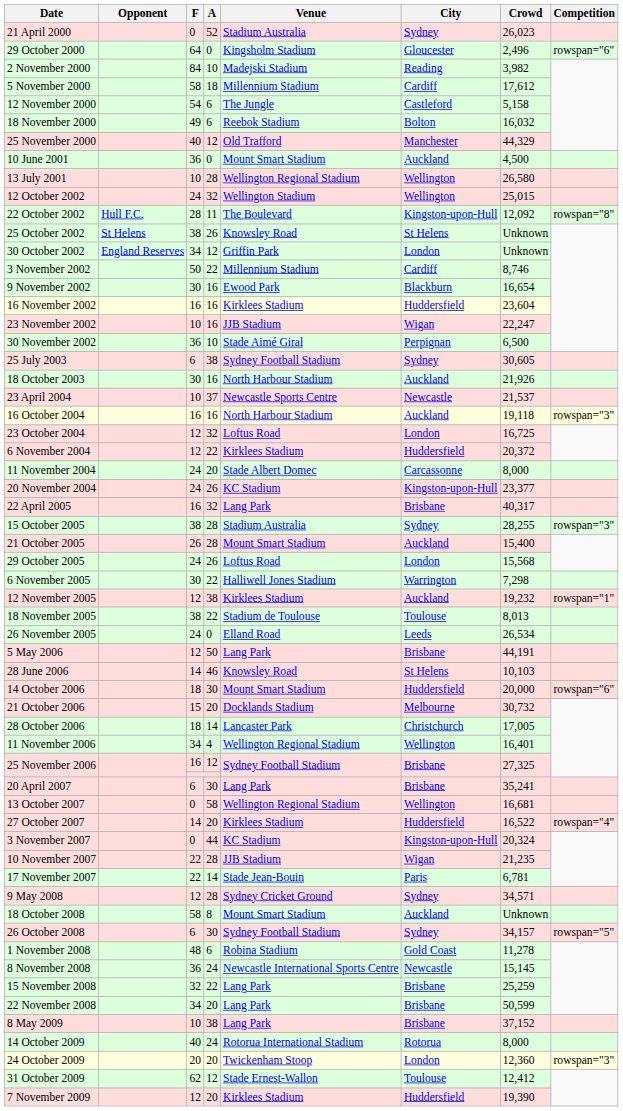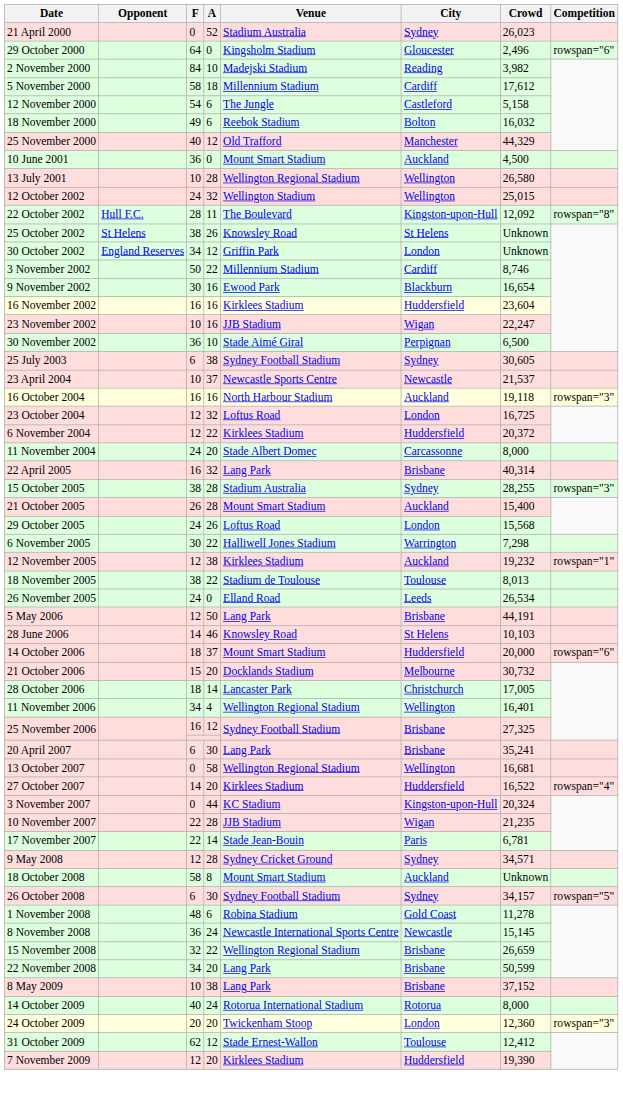 <table class="wikitable sortable">
 <tr>
 <th>Date</th>
 <th>Opponent</th>
 <th>F</th>
 <th>A</th>
 <th>Venue</th>
 <th>City</th>
 <th>Crowd</th>
 <th>Competition</th>
 </tr>
 <tr style="background:#ffdddd;">
 <td>21 April 2000</td>
 <td></td>
 <td>0</td>
 <td>52</td>
 <td><a href='#'>Stadium Australia</a></td>
 <td><a href='#'>Sydney</a></td>
 <td>26,023</td>
 <td></td>
 </tr>
 <tr style="background:#ddffdd;">
 <td>29 October 2000</td>
 <td></td>
 <td>64</td>
 <td>0</td>
 <td><a href='#'>Kingsholm Stadium</a></td>
 <td><a href='#'>Gloucester</a></td>
 <td>2,496</td>
 <td>rowspan="6" </td>
 </tr>
 <tr style="background:#ddffdd;">
 <td>2 November 2000</td>
 <td></td>
 <td>84</td>
 <td>10</td>
 <td><a href='#'>Madejski Stadium</a></td>
 <td><a href='#'>Reading</a></td>
 <td>3,982</td>
 </tr>
 <tr style="background:#ddffdd;">
 <td>5 November 2000</td>
 <td></td>
 <td>58</td>
 <td>18</td>
 <td><a href='#'>Millennium Stadium</a></td>
 <td><a href='#'>Cardiff</a></td>
 <td>17,612</td>
 </tr>
 <tr style="background:#ddffdd;">
 <td>12 November 2000</td>
 <td></td>
 <td>54</td>
 <td>6</td>
 <td><a href='#'>The Jungle</a></td>
 <td><a href='#'>Castleford</a></td>
 <td>5,158</td>
 </tr>
 <tr style="background:#ddffdd;">
 <td>18 November 2000</td>
 <td></td>
 <td>49</td>
 <td>6</td>
 <td><a href='#'>Reebok Stadium</a></td>
 <td><a href='#'>Bolton</a></td>
 <td>16,032</td>
 </tr>
 <tr style="background:#ffdddd;">
 <td>25 November 2000</td>
 <td></td>
 <td>40</td>
 <td>12</td>
 <td><a href='#'>Old Trafford</a></td>
 <td><a href='#'>Manchester</a></td>
 <td>44,329</td>
 </tr>
 <tr style="background:#ddffdd;">
 <td>10 June 2001</td>
 <td></td>
 <td>36</td>
 <td>0</td>
 <td><a href='#'>Mount Smart Stadium</a></td>
 <td><a href='#'>Auckland</a></td>
 <td>4,500</td>
 <td></td>
 </tr>
 <tr style="background:#ffdddd;">
 <td>13 July 2001</td>
 <td></td>
 <td>10</td>
 <td>28</td>
 <td><a href='#'>Wellington Regional Stadium</a></td>
 <td><a href='#'>Wellington</a></td>
 <td>26,580</td>
 <td></td>
 </tr>
 <tr style="background:#ffdddd;">
 <td>12 October 2002</td>
 <td></td>
 <td>24</td>
 <td>32</td>
 <td><a href='#'>Wellington Stadium</a></td>
 <td><a href='#'>Wellington</a></td>
 <td>25,015</td>
 <td></td>
 </tr>
 <tr style="background:#ddffdd;">
 <td>22 October 2002</td>
 <td> <a href='#'>Hull F.C.</a></td>
 <td>28</td>
 <td>11</td>
 <td><a href='#'>The Boulevard</a></td>
 <td><a href='#'>Kingston-upon-Hull</a></td>
 <td>12,092</td>
 <td>rowspan="8" </td>
 </tr>
 <tr style="background:#ddffdd;">
 <td>25 October 2002</td>
 <td> <a href='#'>St Helens</a></td>
 <td>38</td>
 <td>26</td>
 <td><a href='#'>Knowsley Road</a></td>
 <td><a href='#'>St Helens</a></td>
 <td>Unknown</td>
 </tr>
 <tr style="background:#ddffdd;">
 <td>30 October 2002</td>
 <td> <a href='#'>England Reserves</a></td>
 <td>34</td>
 <td>12</td>
 <td><a href='#'>Griffin Park</a></td>
 <td><a href='#'>London</a></td>
 <td>Unknown</td>
 </tr>
 <tr style="background:#ddffdd;">
 <td>3 November 2002</td>
 <td></td>
 <td>50</td>
 <td>22</td>
 <td><a href='#'>Millennium Stadium</a></td>
 <td><a href='#'>Cardiff</a></td>
 <td>8,746</td>
 </tr>
 <tr style="background:#ddffdd;">
 <td>9 November 2002</td>
 <td></td>
 <td>30</td>
 <td>16</td>
 <td><a href='#'>Ewood Park</a></td>
 <td><a href='#'>Blackburn</a></td>
 <td>16,654</td>
 </tr>
 <tr style="background:#ffffdd;">
 <td>16 November 2002</td>
 <td></td>
 <td>16</td>
 <td>16</td>
 <td><a href='#'>Kirklees Stadium</a></td>
 <td><a href='#'>Huddersfield</a></td>
 <td>23,604</td>
 </tr>
 <tr style="background:#ffdddd;">
 <td>23 November 2002</td>
 <td></td>
 <td>10</td>
 <td>16</td>
 <td><a href='#'>JJB Stadium</a></td>
 <td><a href='#'>Wigan</a></td>
 <td>22,247</td>
 </tr>
 <tr style="background:#ddffdd;">
 <td>30 November 2002</td>
 <td></td>
 <td>36</td>
 <td>10</td>
 <td><a href='#'>Stade Aimé Giral</a></td>
 <td><a href='#'>Perpignan</a></td>
 <td>6,500</td>
 </tr>
 <tr style="background:#ffdddd;">
 <td>25 July 2003</td>
 <td></td>
 <td>6</td>
 <td>38</td>
 <td><a href='#'>Sydney Football Stadium</a></td>
 <td><a href='#'>Sydney</a></td>
 <td>30,605</td>
 <td></td>
 </tr>
-<tr style="background:#ddffdd;">
-<td>18 October 2003</td>
-<td></td>
-<td>30</td>
-<td>16</td>
-<td><a href='#'>North Harbour Stadium</a></td>
-<td><a href='#'>Auckland</a></td>
-<td>21,926</td>
-<td></td>
-</tr>
 <tr style="background:#ffdddd;">
 <td>23 April 2004</td>
 <td></td>
 <td>10</td>
 <td>37</td>
 <td><a href='#'>Newcastle Sports Centre</a></td>
 <td><a href='#'>Newcastle</a></td>
 <td>21,537</td>
 <td></td>
 </tr>
 <tr style="background:#ffffdd;">
 <td>16 October 2004</td>
 <td></td>
 <td>16</td>
 <td>16</td>
 <td><a href='#'>North Harbour Stadium</a></td>
 <td><a href='#'>Auckland</a></td>
 <td>19,118</td>
 <td>rowspan="3" </td>
 </tr>
 <tr style="background:#ffdddd;">
 <td>23 October 2004</td>
 <td></td>
 <td>12</td>
 <td>32</td>
 <td><a href='#'>Loftus Road</a></td>
 <td><a href='#'>London</a></td>
 <td>16,725</td>
 </tr>
 <tr style="background:#ffdddd;">
 <td>6 November 2004</td>
 <td></td>
 <td>12</td>
 <td>22</td>
 <td><a href='#'>Kirklees Stadium</a></td>
 <td><a href='#'>Huddersfield</a></td>
 <td>20,372</td>
 </tr>
 <tr style="background:#ddffdd;">
 <td>11 November 2004</td>
 <td></td>
 <td>24</td>
 <td>20</td>
 <td><a href='#'>Stade Albert Domec</a></td>
 <td><a href='#'>Carcassonne</a></td>
 <td>8,000</td>
 <td></td>
 </tr>
 <tr style="background:#ffdddd;">
-<td>20 November 2004</td>
-<td></td>
-<td>24</td>
-<td>26</td>
-<td><a href='#'>KC Stadium</a></td>
-<td><a href='#'>Kingston-upon-Hull</a></td>
-<td>23,377</td>
-<td></td>
-</tr>
-<tr style="background:#ffdddd;">
 <td>22 April 2005</td>
 <td></td>
 <td>16</td>
 <td>32</td>
 <td><a href='#'>Lang Park</a></td>
 <td><a href='#'>Brisbane</a></td>
-<td>40,317</td>
+<td>40,314</td>
 <td></td>
 </tr>
 <tr style="background:#ddffdd;">
 <td>15 October 2005</td>
 <td></td>
 <td>38</td>
 <td>28</td>
 <td><a href='#'>Stadium Australia</a></td>
 <td><a href='#'>Sydney</a></td>
 <td>28,255</td>
 <td>rowspan="3" </td>
 </tr>
 <tr style="background:#ffdddd;">
 <td>21 October 2005</td>
 <td></td>
 <td>26</td>
 <td>28</td>
 <td><a href='#'>Mount Smart Stadium</a></td>
 <td><a href='#'>Auckland</a></td>
 <td>15,400</td>
 </tr>
 <tr style="background:#ddffdd;">
 <td>29 October 2005</td>
 <td></td>
 <td>24</td>
 <td>26</td>
 <td><a href='#'>Loftus Road</a></td>
 <td><a href='#'>London</a></td>
 <td>15,568</td>
 </tr>
 <tr style="background:#ddffdd;">
 <td>6 November 2005</td>
 <td></td>
 <td>30</td>
 <td>22</td>
 <td><a href='#'>Halliwell Jones Stadium</a></td>
 <td><a href='#'>Warrington</a></td>
 <td>7,298</td>
 <td></td>
 </tr>
 <tr style="background:#ffdddd;">
 <td>12 November 2005</td>
 <td></td>
 <td>12</td>
 <td>38</td>
 <td><a href='#'>Kirklees Stadium</a></td>
 <td><a href='#'>Auckland</a></td>
 <td>19,232</td>
 <td>rowspan="1" </td>
 </tr>
 <tr style="background:#ddffdd;">
 <td>18 November 2005</td>
 <td></td>
 <td>38</td>
 <td>22</td>
 <td><a href='#'>Stadium de Toulouse</a></td>
 <td><a href='#'>Toulouse</a></td>
 <td>8,013</td>
 <td></td>
 </tr>
 <tr style="background:#ddffdd;">
 <td>26 November 2005</td>
 <td></td>
 <td>24</td>
 <td>0</td>
 <td><a href='#'>Elland Road</a></td>
 <td><a href='#'>Leeds</a></td>
 <td>26,534</td>
 <td></td>
 </tr>
 <tr style="background:#ffdddd;">
 <td>5 May 2006</td>
 <td></td>
 <td>12</td>
 <td>50</td>
 <td><a href='#'>Lang Park</a></td>
 <td><a href='#'>Brisbane</a></td>
 <td>44,191</td>
 <td></td>
 </tr>
 <tr style="background:#ffdddd;">
 <td>28 June 2006</td>
 <td></td>
 <td>14</td>
 <td>46</td>
 <td><a href='#'>Knowsley Road</a></td>
 <td><a href='#'>St Helens</a></td>
 <td>10,103</td>
 <td></td>
 </tr>
 <tr style="background:#ffdddd;">
 <td>14 October 2006</td>
 <td></td>
 <td>18</td>
-<td>30</td>
+<td>37</td>
 <td><a href='#'>Mount Smart Stadium</a></td>
 <td><a href='#'>Huddersfield</a></td>
 <td>20,000</td>
 <td>rowspan="6" </td>
 </tr>
 <tr style="background:#ffdddd;">
 <td>21 October 2006</td>
 <td></td>
 <td>15</td>
 <td>20</td>
 <td><a href='#'>Docklands Stadium</a></td>
 <td><a href='#'>Melbourne</a></td>
 <td>30,732</td>
 </tr>
 <tr style="background:#ddffdd;">
 <td>28 October 2006</td>
 <td></td>
 <td>18</td>
 <td>14</td>
 <td><a href='#'>Lancaster Park</a></td>
 <td><a href='#'>Christchurch</a></td>
 <td>17,005</td>
 </tr>
 <tr style="background:#ddffdd;">
 <td>11 November 2006</td>
 <td></td>
 <td>34</td>
 <td>4</td>
 <td><a href='#'>Wellington Regional Stadium</a></td>
 <td><a href='#'>Wellington</a></td>
 <td>16,401</td>
 </tr>
 <tr style="background:#ffdddd;">
 <td rowspan="2">25 November 2006</td>
 <td rowspan="2"></td>
 <td>16</td>
 <td>12</td>
 <td rowspan="2"><a href='#'>Sydney Football Stadium</a></td>
 <td rowspan="2"><a href='#'>Brisbane</a></td>
 <td rowspan="2">27,325</td>
 </tr>
 <tr style="background:#ffdddd;">
 <td colspan="2"></td>
 </tr>
 <tr style="background:#ffdddd;">
 <td>20 April 2007</td>
 <td></td>
 <td>6</td>
 <td>30</td>
 <td><a href='#'>Lang Park</a></td>
 <td><a href='#'>Brisbane</a></td>
 <td>35,241</td>
 <td></td>
 </tr>
 <tr style="background:#ffdddd;">
 <td>13 October 2007</td>
 <td></td>
 <td>0</td>
 <td>58</td>
 <td><a href='#'>Wellington Regional Stadium</a></td>
 <td><a href='#'>Wellington</a></td>
 <td>16,681</td>
 <td></td>
 </tr>
 <tr style="background:#ffdddd;">
 <td>27 October 2007</td>
 <td></td>
 <td>14</td>
 <td>20</td>
 <td><a href='#'>Kirklees Stadium</a></td>
 <td><a href='#'>Huddersfield</a></td>
 <td>16,522</td>
 <td>rowspan="4" </td>
 </tr>
 <tr style="background:#ffdddd;">
 <td>3 November 2007</td>
 <td></td>
 <td>0</td>
 <td>44</td>
 <td><a href='#'>KC Stadium</a></td>
 <td><a href='#'>Kingston-upon-Hull</a></td>
 <td>20,324</td>
 </tr>
 <tr style="background:#ffdddd;">
 <td>10 November 2007</td>
 <td></td>
 <td>22</td>
 <td>28</td>
 <td><a href='#'>JJB Stadium</a></td>
 <td><a href='#'>Wigan</a></td>
 <td>21,235</td>
 </tr>
 <tr style="background:#ddffdd;">
 <td>17 November 2007</td>
 <td></td>
 <td>22</td>
 <td>14</td>
 <td><a href='#'>Stade Jean-Bouin</a></td>
 <td><a href='#'>Paris</a></td>
 <td>6,781</td>
 </tr>
 <tr style="background:#ffdddd;">
 <td>9 May 2008</td>
 <td></td>
 <td>12</td>
 <td>28</td>
 <td><a href='#'>Sydney Cricket Ground</a></td>
 <td><a href='#'>Sydney</a></td>
 <td>34,571</td>
 <td></td>
 </tr>
 <tr style="background:#ddffdd;">
 <td>18 October 2008</td>
 <td></td>
 <td>58</td>
 <td>8</td>
 <td><a href='#'>Mount Smart Stadium</a></td>
 <td><a href='#'>Auckland</a></td>
 <td>Unknown</td>
 <td></td>
 </tr>
 <tr style="background:#ffdddd;">
 <td>26 October 2008</td>
 <td></td>
 <td>6</td>
 <td>30</td>
 <td><a href='#'>Sydney Football Stadium</a></td>
 <td><a href='#'>Sydney</a></td>
 <td>34,157</td>
 <td>rowspan="5" </td>
 </tr>
 <tr style="background:#ddffdd;">
 <td>1 November 2008</td>
 <td></td>
 <td>48</td>
 <td>6</td>
 <td><a href='#'>Robina Stadium</a></td>
 <td><a href='#'>Gold Coast</a></td>
 <td>11,278</td>
 </tr>
 <tr style="background:#ddffdd;">
 <td>8 November 2008</td>
 <td></td>
 <td>36</td>
 <td>24</td>
 <td><a href='#'>Newcastle International Sports Centre</a></td>
 <td><a href='#'>Newcastle</a></td>
 <td>15,145</td>
 </tr>
 <tr style="background:#ddffdd;">
 <td>15 November 2008</td>
 <td></td>
 <td>32</td>
 <td>22</td>
-<td><a href='#'>Lang Park</a></td>
+<td><a href='#'>Wellington Regional Stadium</a></td>
 <td><a href='#'>Brisbane</a></td>
-<td>25,259</td>
+<td>26,659</td>
 </tr>
 <tr style="background:#ddffdd;">
 <td>22 November 2008</td>
 <td></td>
 <td>34</td>
 <td>20</td>
 <td><a href='#'>Lang Park</a></td>
 <td><a href='#'>Brisbane</a></td>
 <td>50,599</td>
 </tr>
 <tr style="background:#ffdddd;">
 <td>8 May 2009</td>
 <td></td>
 <td>10</td>
 <td>38</td>
 <td><a href='#'>Lang Park</a></td>
 <td><a href='#'>Brisbane</a></td>
 <td>37,152</td>
 <td></td>
 </tr>
 <tr style="background:#ddffdd;">
 <td>14 October 2009</td>
 <td></td>
 <td>40</td>
 <td>24</td>
 <td><a href='#'>Rotorua International Stadium</a></td>
 <td><a href='#'>Rotorua</a></td>
 <td>8,000</td>
 <td></td>
 </tr>
 <tr style="background:#ffffdd;">
 <td>24 October 2009</td>
 <td></td>
 <td>20</td>
 <td>20</td>
 <td><a href='#'>Twickenham Stoop</a></td>
 <td><a href='#'>London</a></td>
 <td>12,360</td>
 <td>rowspan="3" </td>
 </tr>
 <tr style="background:#ddffdd;">
 <td>31 October 2009</td>
 <td></td>
 <td>62</td>
 <td>12</td>
 <td><a href='#'>Stade Ernest-Wallon</a></td>
 <td><a href='#'>Toulouse</a></td>
 <td>12,412</td>
 </tr>
 <tr style="background:#ffdddd;">
 <td>7 November 2009</td>
 <td></td>
 <td>12</td>
 <td>20</td>
 <td><a href='#'>Kirklees Stadium</a></td>
 <td><a href='#'>Huddersfield</a></td>
 <td>19,390</td>
 </tr>
 </table>
